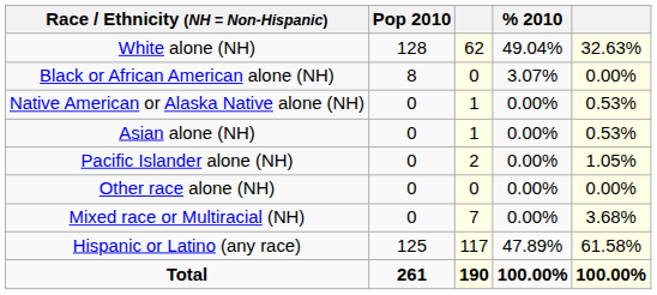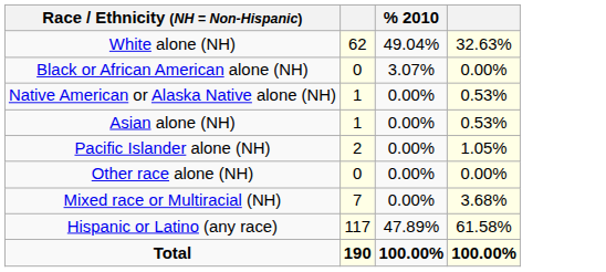 <table class="wikitable" style="text-align:center;">
 <tr>
 <th>Race / Ethnicity <small>(<em>NH = Non-Hispanic</em>)</small></th>
-<th>Pop 2010</th>
 <th></th>
 <th>% 2010</th>
 <th></th>
 </tr>
 <tr>
 <td><a href='#'>White</a> alone (NH)</td>
-<td>128</td>
 <td style='background: #ffffe6;'>62</td>
 <td>49.04%</td>
 <td style='background: #ffffe6;'>32.63%</td>
 </tr>
 <tr>
 <td><a href='#'>Black or African American</a> alone (NH)</td>
-<td>8</td>
 <td style='background: #ffffe6;'>0</td>
 <td>3.07%</td>
 <td style='background: #ffffe6;'>0.00%</td>
 </tr>
 <tr>
 <td><a href='#'>Native American</a> or <a href='#'>Alaska Native</a> alone (NH)</td>
-<td>0</td>
 <td style='background: #ffffe6;'>1</td>
 <td>0.00%</td>
 <td style='background: #ffffe6;'>0.53%</td>
 </tr>
 <tr>
 <td><a href='#'>Asian</a> alone (NH)</td>
-<td>0</td>
 <td style='background: #ffffe6;'>1</td>
 <td>0.00%</td>
 <td style='background: #ffffe6;'>0.53%</td>
 </tr>
 <tr>
 <td><a href='#'>Pacific Islander</a> alone (NH)</td>
-<td>0</td>
 <td style='background: #ffffe6;'>2</td>
 <td>0.00%</td>
 <td style='background: #ffffe6;'>1.05%</td>
 </tr>
 <tr>
 <td><a href='#'>Other race</a> alone (NH)</td>
-<td>0</td>
 <td style='background: #ffffe6;'>0</td>
 <td>0.00%</td>
 <td style='background: #ffffe6;'>0.00%</td>
 </tr>
 <tr>
 <td><a href='#'>Mixed race or Multiracial</a> (NH)</td>
-<td>0</td>
 <td style='background: #ffffe6;'>7</td>
 <td>0.00%</td>
 <td style='background: #ffffe6;'>3.68%</td>
 </tr>
 <tr>
 <td><a href='#'>Hispanic or Latino</a> (any race)</td>
-<td>125</td>
 <td style='background: #ffffe6;'>117</td>
 <td>47.89%</td>
 <td style='background: #ffffe6;'>61.58%</td>
 </tr>
 <tr>
 <td><strong>Total</strong></td>
-<td><strong>261</strong></td>
 <td style='background: #ffffe6;'><strong>190</strong></td>
 <td><strong>100.00%</strong></td>
 <td style='background: #ffffe6;'><strong>100.00%</strong></td>
 </tr>
 </table>
